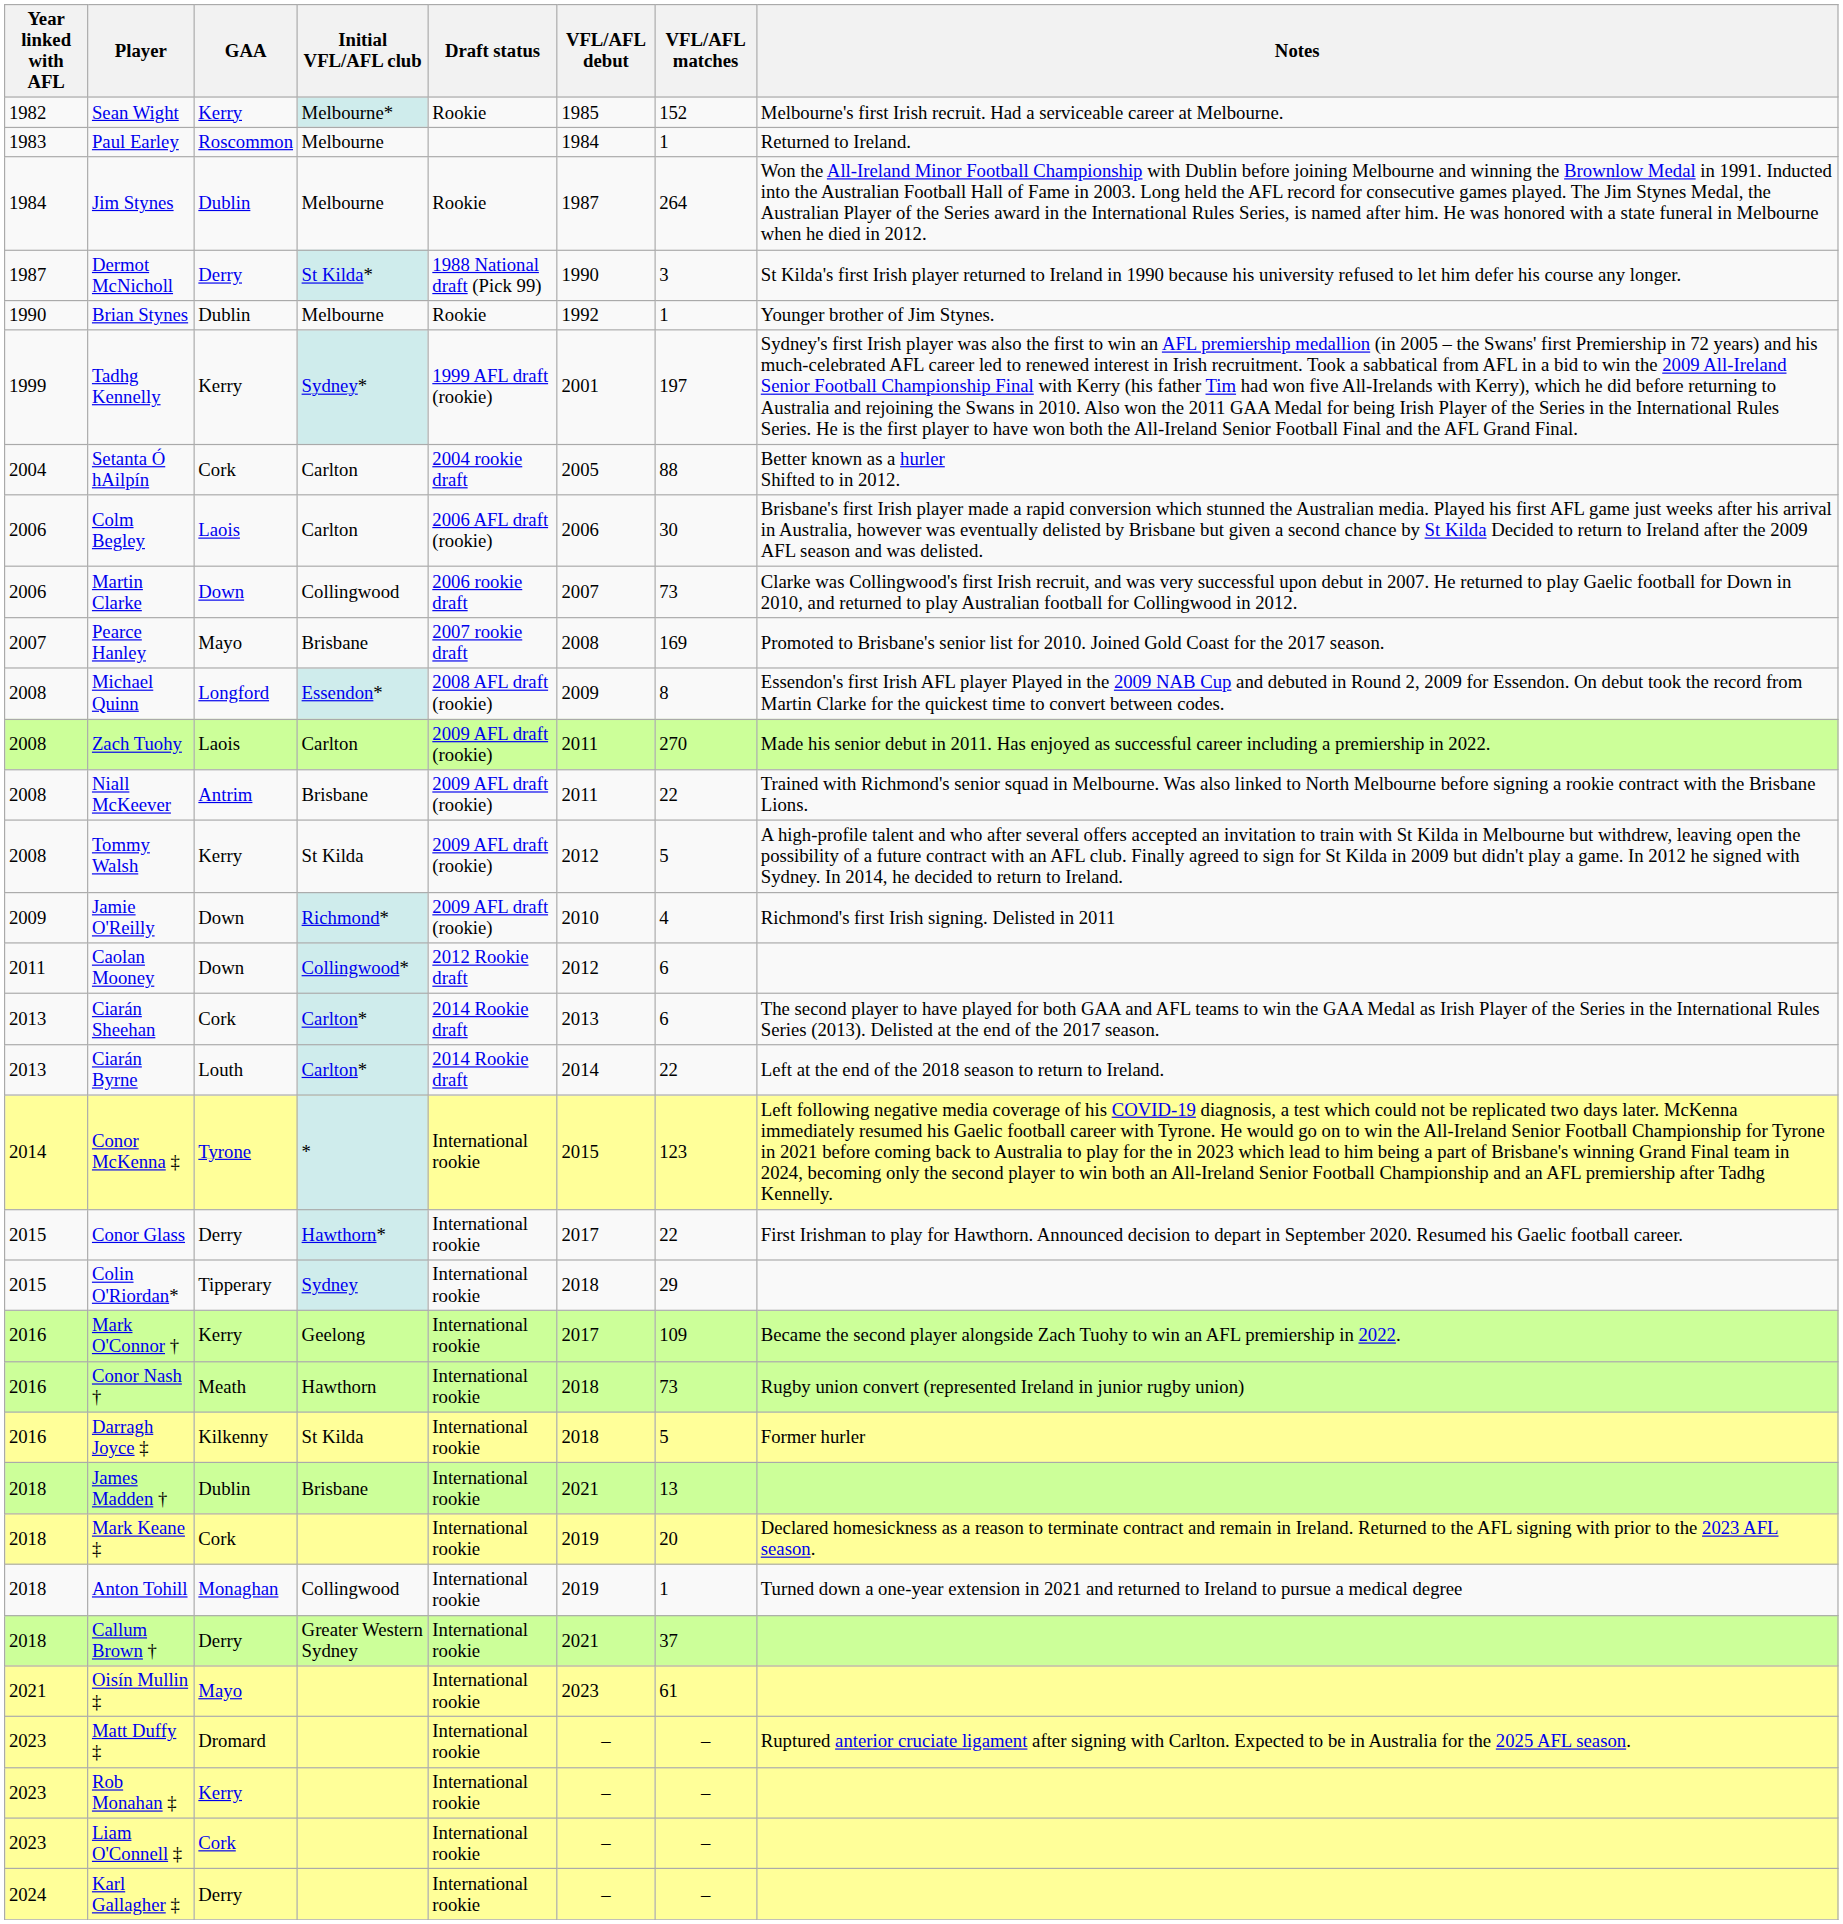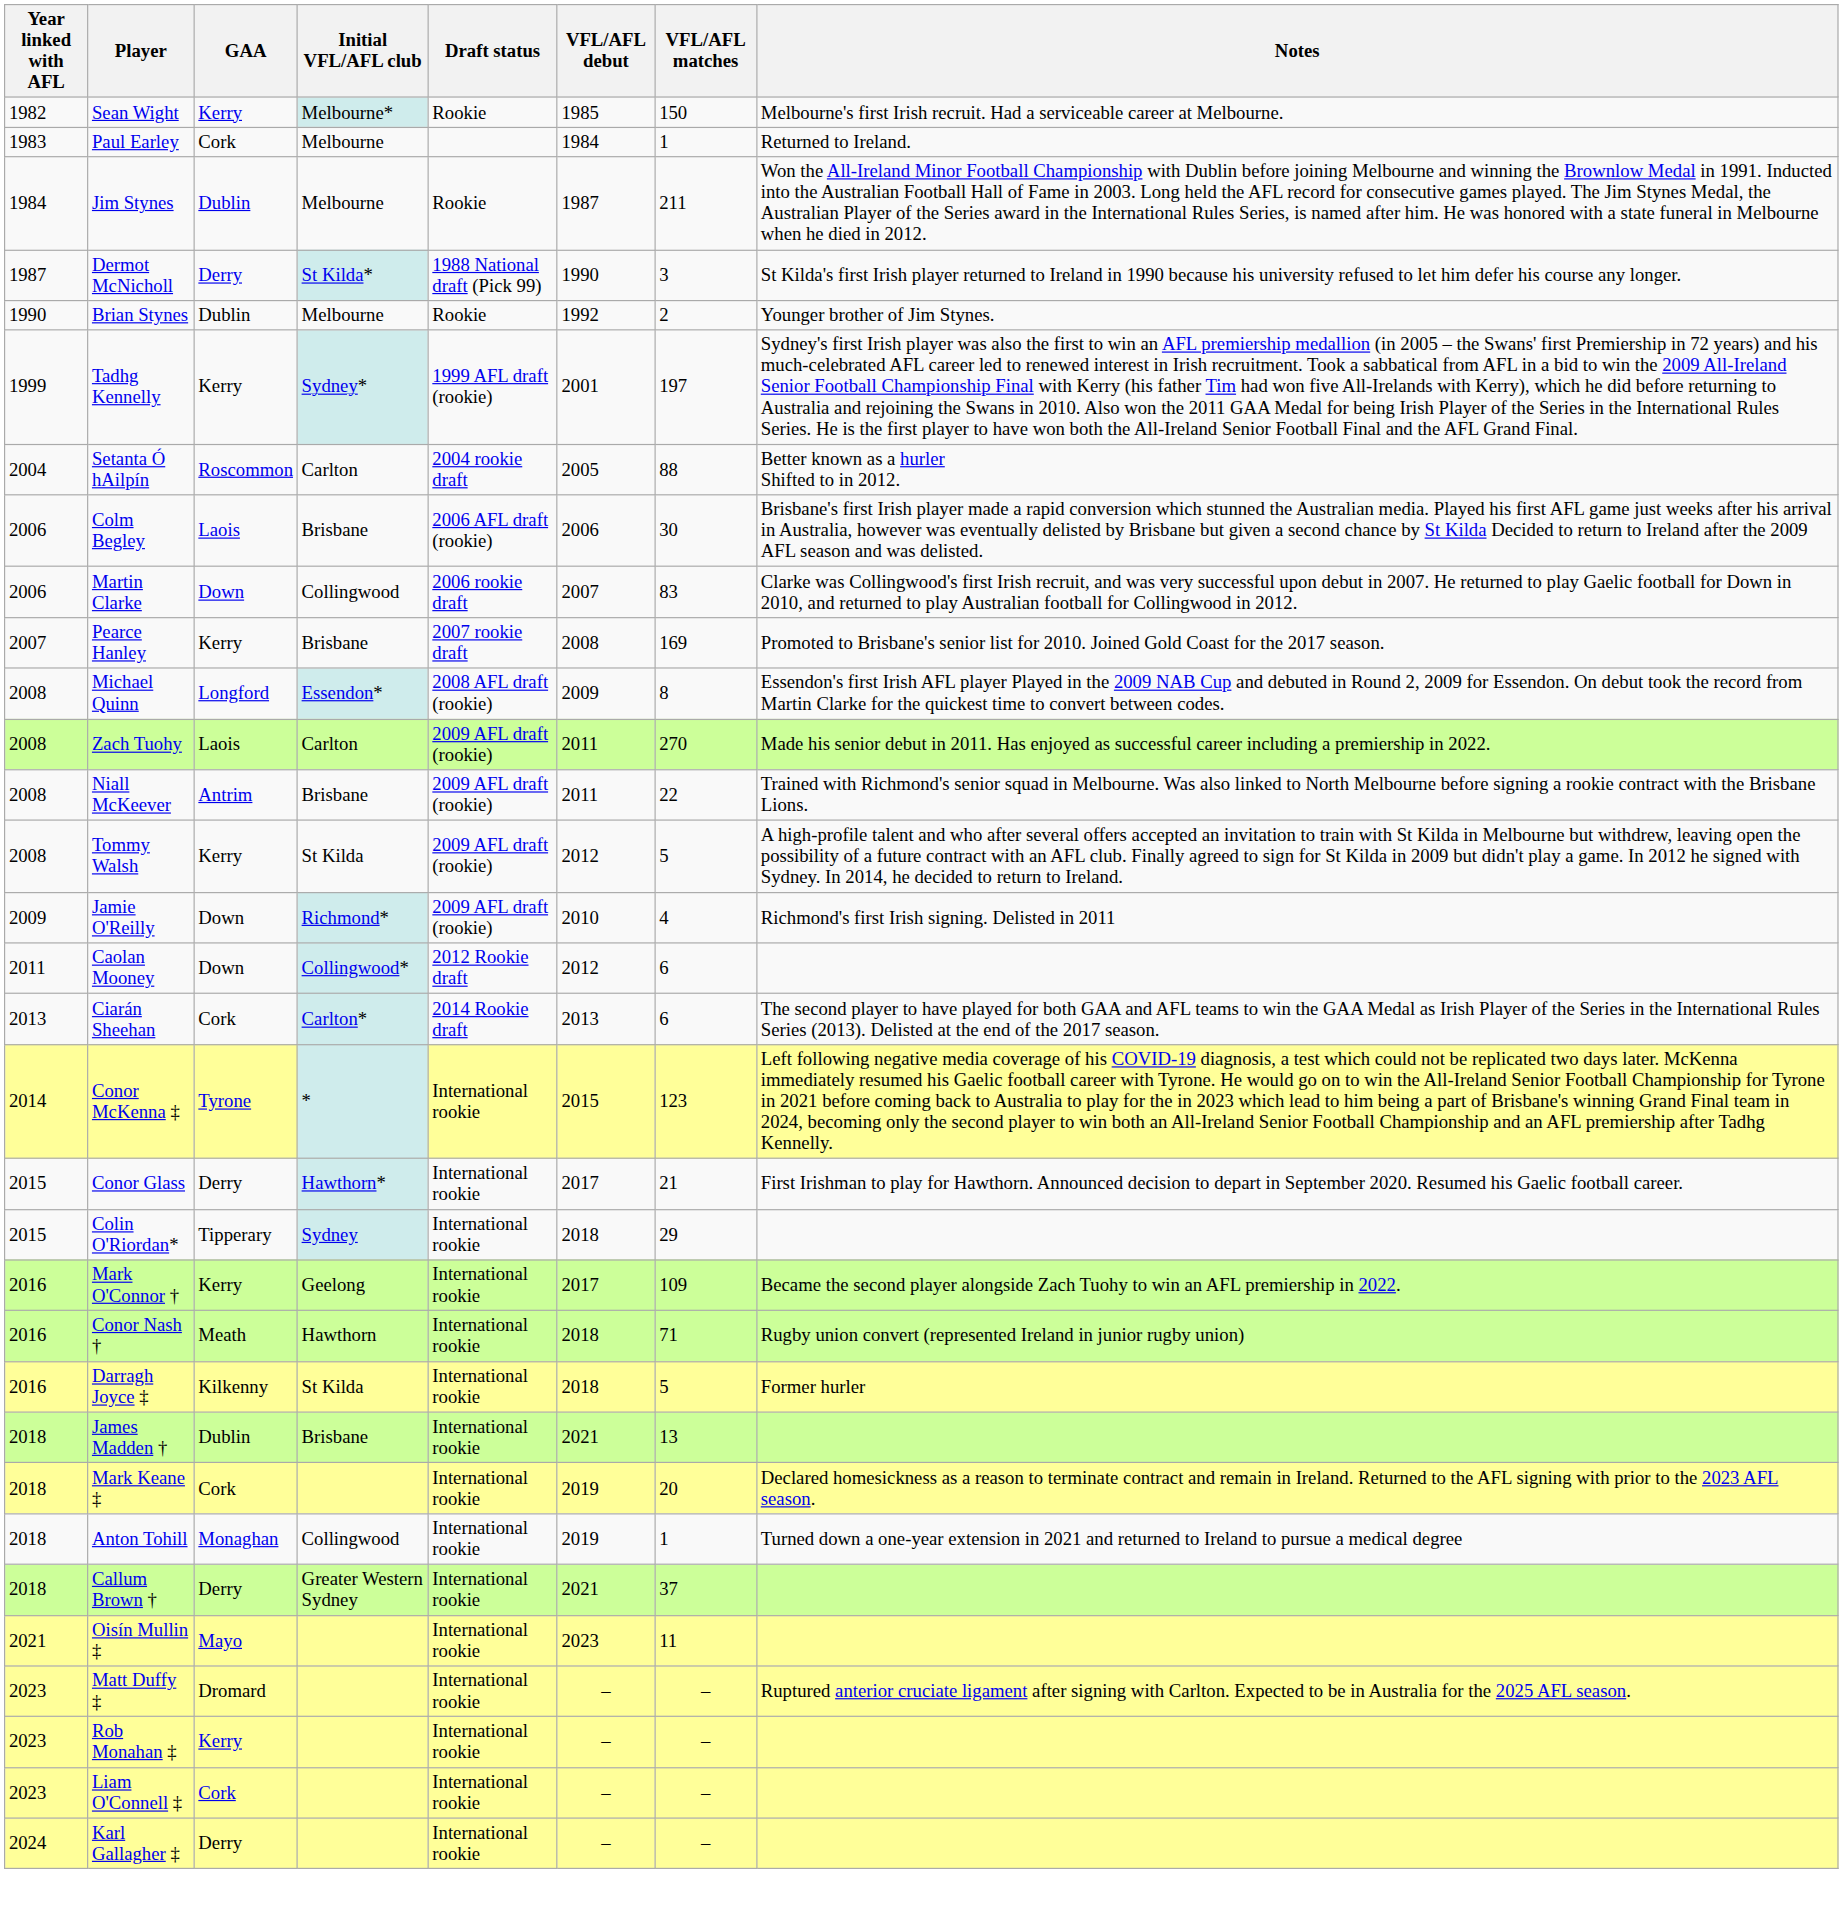 <table class="wikitable sortable">
 <tr>
 <th>Year linked with AFL</th>
 <th>Player</th>
 <th>GAA</th>
 <th>Initial VFL/AFL club</th>
 <th>Draft status</th>
 <th>VFL/AFL debut</th>
 <th>VFL/AFL matches</th>
 <th>Notes</th>
 </tr>
 <tr>
 <td>1982</td>
 <td><a href='#'>Sean Wight</a></td>
 <td><a href='#'>Kerry</a></td>
 <td style="background:#CFECEC;">Melbourne*</td>
 <td>Rookie</td>
 <td>1985</td>
-<td>152</td>
+<td>150</td>
 <td>Melbourne's first Irish recruit. Had a serviceable career at Melbourne.</td>
 </tr>
 <tr>
 <td>1983</td>
 <td><a href='#'>Paul Earley</a></td>
-<td><a href='#'>Roscommon</a></td>
+<td>Cork</td>
 <td>Melbourne</td>
 <td></td>
 <td>1984</td>
 <td>1</td>
 <td>Returned to Ireland.</td>
 </tr>
 <tr>
 <td>1984</td>
 <td><a href='#'>Jim Stynes</a></td>
 <td><a href='#'>Dublin</a></td>
 <td>Melbourne</td>
 <td>Rookie</td>
 <td>1987</td>
-<td>264</td>
+<td>211</td>
 <td>Won the <a href='#'>All-Ireland Minor Football Championship</a> with Dublin before joining Melbourne and winning the <a href='#'>Brownlow Medal</a> in 1991. Inducted into the Australian Football Hall of Fame in 2003. Long held the AFL record for consecutive games played. The Jim Stynes Medal, the Australian Player of the Series award in the International Rules Series, is named after him. He was honored with a state funeral in Melbourne when he died in 2012.</td>
 </tr>
 <tr>
 <td>1987</td>
 <td><a href='#'>Dermot McNicholl</a></td>
 <td><a href='#'>Derry</a></td>
 <td style="background:#CFECEC;"><a href='#'>St Kilda</a>*</td>
 <td><a href='#'>1988 National draft</a> (Pick 99)</td>
 <td>1990</td>
 <td>3</td>
 <td>St Kilda's first Irish player returned to Ireland in 1990 because his university refused to let him defer his course any longer.</td>
 </tr>
 <tr>
 <td>1990</td>
 <td><a href='#'>Brian Stynes</a></td>
 <td>Dublin</td>
 <td>Melbourne</td>
 <td>Rookie</td>
 <td>1992</td>
-<td>1</td>
+<td>2</td>
 <td>Younger brother of Jim Stynes.</td>
 </tr>
 <tr>
 <td>1999</td>
 <td><a href='#'>Tadhg Kennelly</a></td>
 <td>Kerry</td>
 <td style="background:#CFECEC;"><a href='#'>Sydney</a>*</td>
 <td><a href='#'>1999 AFL draft</a> (rookie)</td>
 <td>2001</td>
 <td>197</td>
 <td>Sydney's first Irish player was also the first to win an <a href='#'>AFL premiership medallion</a> (in 2005 – the Swans' first Premiership in 72 years) and his much-celebrated AFL career led to renewed interest in Irish recruitment. Took a sabbatical from AFL in a bid to win the <a href='#'>2009 All-Ireland Senior Football Championship Final</a> with Kerry (his father <a href='#'>Tim</a> had won five All-Irelands with Kerry), which he did before returning to Australia and rejoining the Swans in 2010. Also won the 2011 GAA Medal for being Irish Player of the Series in the International Rules Series. He is the first player to have won both the All-Ireland Senior Football Final and the AFL Grand Final.</td>
 </tr>
 <tr>
 <td>2004</td>
 <td><a href='#'>Setanta Ó hAilpín</a></td>
-<td>Cork</td>
+<td><a href='#'>Roscommon</a></td>
 <td>Carlton</td>
 <td><a href='#'>2004 rookie draft</a></td>
 <td>2005</td>
 <td>88</td>
 <td>Better known as a <a href='#'>hurler</a><br>Shifted to  in 2012.</td>
 </tr>
 <tr>
 <td>2006</td>
 <td><a href='#'>Colm Begley</a></td>
 <td><a href='#'>Laois</a></td>
-<td>Carlton</td>
+<td>Brisbane</td>
 <td><a href='#'>2006 AFL draft</a> (rookie)</td>
 <td>2006</td>
 <td>30</td>
 <td>Brisbane's first Irish player made a rapid conversion which stunned the Australian media. Played his first AFL game just weeks after his arrival in Australia, however was eventually delisted by Brisbane but given a second chance by <a href='#'>St Kilda</a> Decided to return to Ireland after the 2009 AFL season and was delisted.</td>
 </tr>
 <tr>
 <td>2006</td>
 <td><a href='#'>Martin Clarke</a></td>
 <td><a href='#'>Down</a></td>
 <td>Collingwood</td>
 <td><a href='#'>2006 rookie draft</a></td>
 <td>2007</td>
-<td>73</td>
+<td>83</td>
 <td>Clarke was Collingwood's first Irish recruit, and was very successful upon debut in 2007. He returned to play Gaelic football for Down in 2010, and returned to play Australian football for Collingwood in 2012.</td>
 </tr>
 <tr>
 <td>2007</td>
 <td><a href='#'>Pearce Hanley</a></td>
-<td>Mayo</td>
+<td>Kerry</td>
 <td>Brisbane</td>
 <td><a href='#'>2007 rookie draft</a></td>
 <td>2008</td>
 <td>169</td>
 <td>Promoted to Brisbane's senior list for 2010. Joined Gold Coast for the 2017 season.</td>
 </tr>
 <tr>
 <td>2008</td>
 <td><a href='#'>Michael Quinn</a></td>
 <td><a href='#'>Longford</a></td>
 <td style="background:#CFECEC;"><a href='#'>Essendon</a>*</td>
 <td><a href='#'>2008 AFL draft</a> (rookie)</td>
 <td>2009</td>
 <td>8</td>
 <td>Essendon's first Irish AFL player Played in the <a href='#'>2009 NAB Cup</a> and debuted in Round 2, 2009 for Essendon. On debut took the record from Martin Clarke for the quickest time to convert between codes.</td>
 </tr>
 <tr bgcolor="#CCFF99">
 <td>2008</td>
 <td><a href='#'>Zach Tuohy</a></td>
 <td>Laois</td>
 <td>Carlton</td>
 <td><a href='#'>2009 AFL draft</a> (rookie)</td>
 <td>2011</td>
 <td>270</td>
 <td>Made his senior debut in 2011. Has enjoyed as successful career including a premiership in 2022.</td>
 </tr>
 <tr>
 <td>2008</td>
 <td><a href='#'>Niall McKeever</a></td>
 <td><a href='#'>Antrim</a></td>
 <td>Brisbane</td>
 <td><a href='#'>2009 AFL draft</a> (rookie)</td>
 <td>2011</td>
 <td>22</td>
 <td>Trained with Richmond's senior squad in Melbourne. Was also linked to North Melbourne before signing a rookie contract with the Brisbane Lions.</td>
 </tr>
 <tr>
 <td>2008</td>
 <td><a href='#'>Tommy Walsh</a></td>
 <td>Kerry</td>
 <td>St Kilda</td>
 <td><a href='#'>2009 AFL draft</a> (rookie)</td>
 <td>2012</td>
 <td>5</td>
 <td>A high-profile talent and who after several offers accepted an invitation to train with St Kilda in Melbourne but withdrew, leaving open the possibility of a future contract with an AFL club. Finally agreed to sign for St Kilda in 2009 but didn't play a game. In 2012 he signed with Sydney. In 2014, he decided to return to Ireland.</td>
 </tr>
 <tr>
 <td>2009</td>
 <td><a href='#'>Jamie O'Reilly</a></td>
 <td>Down</td>
 <td style="background:#CFECEC;"><a href='#'>Richmond</a>*</td>
 <td><a href='#'>2009 AFL draft</a> (rookie)</td>
 <td>2010</td>
 <td>4</td>
 <td>Richmond's first Irish signing. Delisted in 2011</td>
 </tr>
 <tr>
 <td>2011</td>
 <td><a href='#'>Caolan Mooney</a></td>
 <td>Down</td>
 <td style="background:#CFECEC;"><a href='#'>Collingwood</a>*</td>
 <td><a href='#'>2012 Rookie draft</a></td>
 <td>2012</td>
 <td>6</td>
 <td></td>
 </tr>
 <tr>
 <td>2013</td>
 <td><a href='#'>Ciarán Sheehan</a></td>
 <td>Cork</td>
 <td style="background:#CFECEC;"><a href='#'>Carlton</a>*</td>
 <td><a href='#'>2014 Rookie draft</a></td>
 <td>2013</td>
 <td>6</td>
 <td>The second player to have played for both GAA and AFL teams to win the GAA Medal as Irish Player of the Series in the International Rules Series (2013). Delisted at the end of the 2017 season.</td>
 </tr>
-<tr>
-<td>2013</td>
-<td><a href='#'>Ciarán Byrne</a></td>
-<td>Louth</td>
-<td style="background:#CFECEC;"><a href='#'>Carlton</a>*</td>
-<td><a href='#'>2014 Rookie draft</a></td>
-<td>2014</td>
-<td>22</td>
-<td>Left at the end of the 2018 season to return to Ireland.</td>
-</tr>
 <tr bgcolor="#ff9">
 <td>2014</td>
 <td><a href='#'>Conor McKenna</a> ‡</td>
 <td><a href='#'>Tyrone</a></td>
 <td style="background:#CFECEC;">*</td>
 <td>International rookie</td>
 <td>2015</td>
 <td>123</td>
 <td>Left following negative media coverage of his <a href='#'>COVID-19</a> diagnosis, a test which could not be replicated two days later. McKenna immediately resumed his Gaelic football career with Tyrone. He would go on to win the All-Ireland Senior Football Championship for Tyrone in 2021 before coming back to Australia to play for the  in 2023 which lead to him being a part of Brisbane's winning Grand Final team in 2024, becoming only the second player to win both an All-Ireland Senior Football Championship and an AFL premiership after Tadhg Kennelly.</td>
 </tr>
 <tr>
 <td>2015</td>
 <td><a href='#'>Conor Glass</a></td>
 <td>Derry</td>
 <td style="background:#CFECEC;"><a href='#'>Hawthorn</a>*</td>
 <td>International rookie</td>
 <td>2017</td>
-<td>22</td>
+<td>21</td>
 <td>First Irishman to play for Hawthorn. Announced decision to depart in September 2020. Resumed his Gaelic football career.</td>
 </tr>
 <tr>
 <td>2015</td>
 <td><a href='#'>Colin O'Riordan</a>*</td>
 <td>Tipperary</td>
 <td style="background:#CFECEC;"><a href='#'>Sydney</a></td>
 <td>International rookie</td>
 <td>2018</td>
 <td>29</td>
 </tr>
 <tr bgcolor="#CCFF99">
 <td>2016</td>
 <td><a href='#'>Mark O'Connor</a> †</td>
 <td>Kerry</td>
 <td>Geelong</td>
 <td>International rookie</td>
 <td>2017</td>
 <td>109</td>
 <td>Became the second player alongside Zach Tuohy to win an AFL premiership in <a href='#'>2022</a>.</td>
 </tr>
 <tr bgcolor="#CCFF99">
 <td>2016</td>
 <td><a href='#'>Conor Nash</a> †</td>
 <td>Meath</td>
 <td>Hawthorn</td>
 <td>International rookie</td>
 <td>2018</td>
-<td>73</td>
+<td>71</td>
 <td>Rugby union convert (represented Ireland in junior rugby union)</td>
 </tr>
 <tr bgcolor="#ff9">
 <td>2016</td>
 <td><a href='#'>Darragh Joyce</a> ‡</td>
 <td>Kilkenny</td>
 <td>St Kilda</td>
 <td>International rookie</td>
 <td>2018</td>
 <td>5</td>
 <td>Former hurler</td>
 </tr>
 <tr bgcolor="#CCFF99">
 <td>2018</td>
 <td><a href='#'>James Madden</a> †</td>
 <td>Dublin</td>
 <td>Brisbane</td>
 <td>International rookie</td>
 <td>2021</td>
 <td>13</td>
 <td></td>
 </tr>
 <tr bgcolor="#ff9">
 <td>2018</td>
 <td><a href='#'>Mark Keane</a> ‡</td>
 <td>Cork</td>
 <td></td>
 <td>International rookie</td>
 <td>2019</td>
 <td>20</td>
 <td>Declared homesickness as a reason to terminate contract and remain in Ireland. Returned to the AFL signing with  prior to the <a href='#'>2023 AFL season</a>.</td>
 </tr>
 <tr>
 <td>2018</td>
 <td><a href='#'>Anton Tohill</a></td>
 <td><a href='#'>Monaghan</a></td>
 <td>Collingwood</td>
 <td>International rookie</td>
 <td>2019</td>
 <td>1</td>
 <td>Turned down a one-year extension in 2021 and returned to Ireland to pursue a medical degree</td>
 </tr>
 <tr bgcolor="#CCFF99">
 <td>2018</td>
 <td><a href='#'>Callum Brown</a> †</td>
 <td>Derry</td>
 <td>Greater Western Sydney</td>
 <td>International rookie</td>
 <td>2021</td>
 <td>37</td>
 <td></td>
 </tr>
 <tr bgcolor="#ff9">
 <td>2021</td>
 <td><a href='#'>Oisín Mullin</a> ‡</td>
 <td><a href='#'>Mayo</a></td>
 <td></td>
 <td>International rookie</td>
 <td>2023</td>
-<td>61</td>
+<td>11</td>
 <td></td>
 </tr>
 <tr bgcolor="#ff9">
 <td>2023</td>
 <td><a href='#'>Matt Duffy</a> ‡</td>
 <td>Dromard</td>
 <td></td>
 <td>International rookie</td>
 <td align="center">–</td>
 <td align="center">–</td>
 <td>Ruptured <a href='#'>anterior cruciate ligament</a> after signing with Carlton. Expected to be in Australia for the <a href='#'>2025 AFL season</a>.</td>
 </tr>
 <tr bgcolor="#ff9">
 <td>2023</td>
 <td><a href='#'>Rob Monahan</a> ‡</td>
 <td><a href='#'>Kerry</a></td>
 <td></td>
 <td>International rookie</td>
 <td align="center">–</td>
 <td align="center">–</td>
 <td></td>
 </tr>
 <tr bgcolor="#ff9">
 <td>2023</td>
 <td><a href='#'>Liam O'Connell</a> ‡</td>
 <td><a href='#'>Cork</a></td>
 <td></td>
 <td>International rookie</td>
 <td align="center">–</td>
 <td align="center">–</td>
 <td></td>
 </tr>
 <tr bgcolor="#ff9">
 <td>2024</td>
 <td><a href='#'>Karl Gallagher</a> ‡</td>
 <td>Derry</td>
 <td></td>
 <td>International rookie</td>
 <td align="center">–</td>
 <td align="center">–</td>
 <td></td>
 </tr>
 </table>
